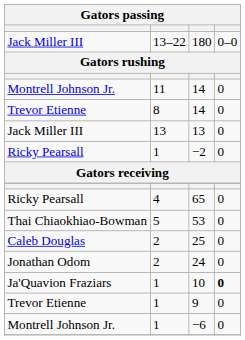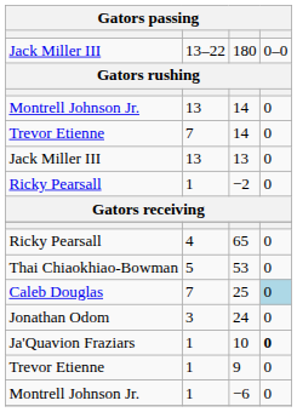 <table class="wikitable plainrowheaders">
 <tr>
 <th colspan="6">Gators passing</th>
 </tr>
 <tr>
 <th scope="col"></th>
 <th scope="col"></th>
 <th scope="col"></th>
 <th scope="col"></th>
 </tr>
 <tr>
 <td><a href='#'>Jack Miller III</a></td>
 <td>13–22</td>
 <td>180</td>
 <td>0–0</td>
 </tr>
 <tr>
 <th colspan="6">Gators rushing</th>
 </tr>
 <tr>
 <th scope="col"></th>
 <th scope="col"></th>
 <th scope="col"></th>
 <th scope="col"></th>
 </tr>
 <tr>
 <td><a href='#'>Montrell Johnson Jr.</a></td>
-<td>11</td>
+<td>13</td>
 <td>14</td>
 <td>0</td>
 </tr>
 <tr>
 <td><a href='#'>Trevor Etienne</a></td>
-<td>8</td>
+<td>7</td>
 <td>14</td>
 <td>0</td>
 </tr>
 <tr>
 <td>Jack Miller III</td>
 <td>13</td>
 <td>13</td>
 <td>0</td>
 </tr>
 <tr>
 <td><a href='#'>Ricky Pearsall</a></td>
 <td>1</td>
 <td>−2</td>
 <td>0</td>
 </tr>
 <tr>
 <th colspan="6">Gators receiving</th>
 </tr>
 <tr>
 </tr>
 <tr>
 <th scope="col"></th>
 <th scope="col"></th>
 <th scope="col"></th>
 <th scope="col"></th>
 </tr>
 <tr>
 <td>Ricky Pearsall</td>
 <td>4</td>
 <td>65</td>
 <td>0</td>
 </tr>
 <tr>
 <td>Thai Chiaokhiao-Bowman</td>
 <td>5</td>
 <td>53</td>
 <td>0</td>
 </tr>
 <tr>
 <td><a href='#'>Caleb Douglas</a></td>
-<td>2</td>
+<td>7</td>
 <td>25</td>
-<td>0</td>
+<td style="background: lightblue;">0</td>
 </tr>
 <tr>
 <td>Jonathan Odom</td>
-<td>2</td>
+<td>3</td>
 <td>24</td>
 <td>0</td>
 </tr>
 <tr>
 <td>Ja'Quavion Fraziars</td>
 <td>1</td>
 <td>10</td>
 <td><strong>0</strong></td>
 </tr>
 <tr>
 <td>Trevor Etienne</td>
 <td>1</td>
 <td>9</td>
 <td>0</td>
 </tr>
 <tr>
 <td>Montrell Johnson Jr.</td>
 <td>1</td>
 <td>−6</td>
 <td>0</td>
 </tr>
 <tr>
 </tr>
 </table>
